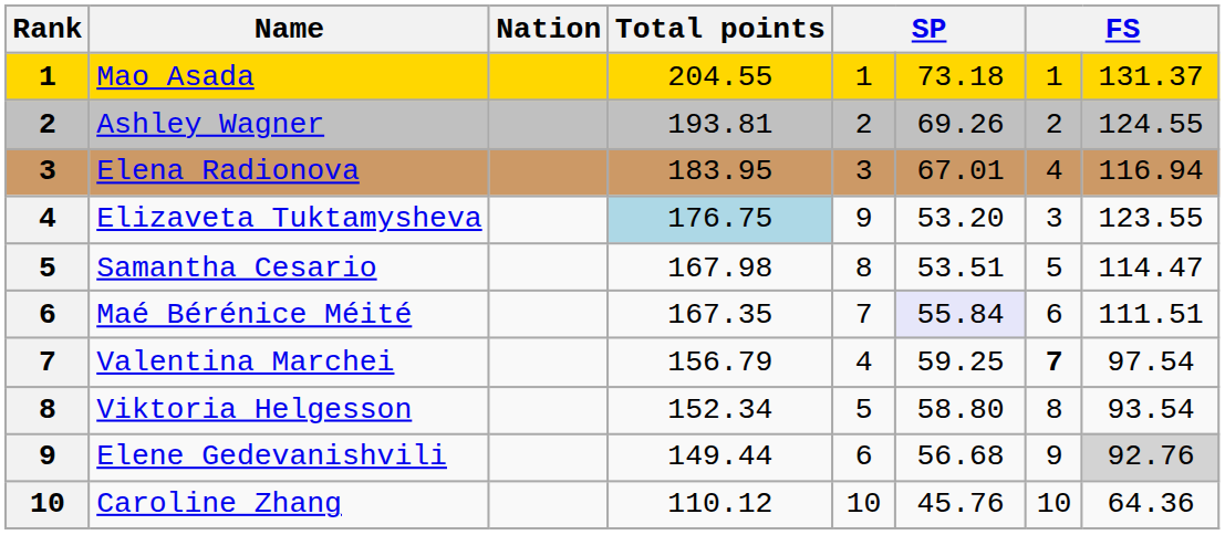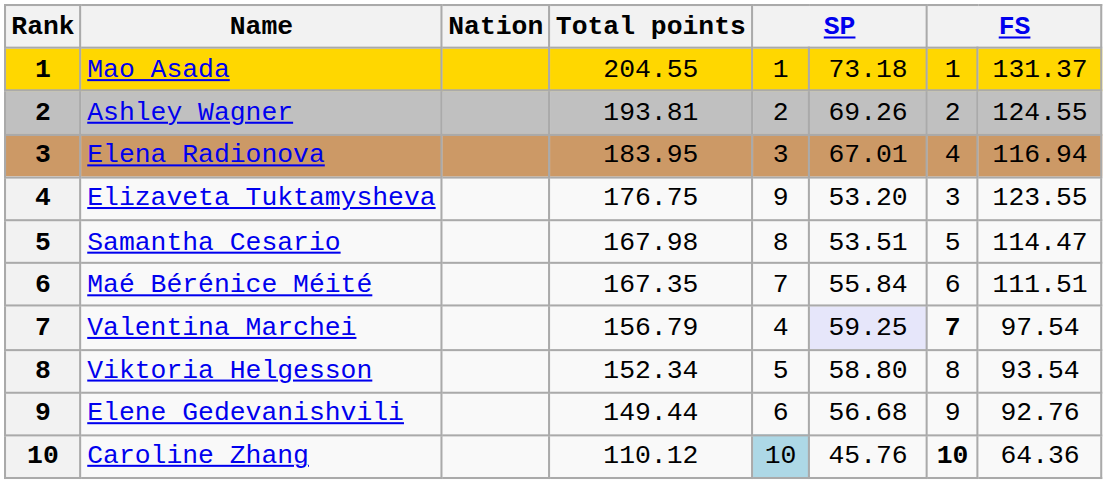 <table class="wikitable sortable">
 <tr>
 <th>Rank</th>
 <th>Name</th>
 <th>Nation</th>
 <th>Total points</th>
 <th colspan="2" style="width:80px;"><a href='#'>SP</a></th>
 <th colspan="2" style="width:80px;"><a href='#'>FS</a></th>
 </tr>
 <tr style="background:gold;">
 <td style="text-align:center;"><strong>1</strong></td>
 <td><a href='#'>Mao Asada</a></td>
 <td></td>
 <td style="text-align:center;">204.55</td>
 <td style="text-align:center;">1</td>
 <td style="text-align:center;">73.18</td>
 <td style="text-align:center;">1</td>
 <td style="text-align:center;">131.37</td>
 </tr>
 <tr style="background:silver;">
 <td style="text-align:center;"><strong>2</strong></td>
 <td><a href='#'>Ashley Wagner</a></td>
 <td></td>
 <td style="text-align:center;">193.81</td>
 <td style="text-align:center;">2</td>
 <td style="text-align:center;">69.26</td>
 <td style="text-align:center;">2</td>
 <td style="text-align:center;">124.55</td>
 </tr>
 <tr style="background:#c96;">
 <td style="text-align:center;"><strong>3</strong></td>
 <td><a href='#'>Elena Radionova</a></td>
 <td></td>
 <td style="text-align:center;">183.95</td>
 <td style="text-align:center;">3</td>
 <td style="text-align:center;">67.01</td>
 <td style="text-align:center;">4</td>
 <td style="text-align:center;">116.94</td>
 </tr>
 <tr>
 <th>4</th>
 <td><a href='#'>Elizaveta Tuktamysheva</a></td>
 <td></td>
-<td style="background: lightblue; text-align:center;">176.75</td>
+<td style="text-align:center;">176.75</td>
 <td style="text-align:center;">9</td>
 <td style="text-align:center;">53.20</td>
 <td style="text-align:center;">3</td>
 <td style="text-align:center;">123.55</td>
 </tr>
 <tr>
 <th>5</th>
 <td><a href='#'>Samantha Cesario</a></td>
 <td></td>
 <td style="text-align:center;">167.98</td>
 <td style="text-align:center;">8</td>
 <td style="text-align:center;">53.51</td>
 <td style="text-align:center;">5</td>
 <td style="text-align:center;">114.47</td>
 </tr>
 <tr>
 <th>6</th>
 <td><a href='#'>Maé Bérénice Méité</a></td>
 <td></td>
 <td style="text-align:center;">167.35</td>
 <td style="text-align:center;">7</td>
-<td style="background: lavender; text-align:center;">55.84</td>
+<td style="text-align:center;">55.84</td>
 <td style="text-align:center;">6</td>
 <td style="text-align:center;">111.51</td>
 </tr>
 <tr>
 <th>7</th>
 <td><a href='#'>Valentina Marchei</a></td>
 <td></td>
 <td style="text-align:center;">156.79</td>
 <td style="text-align:center;">4</td>
-<td style="text-align:center;">59.25</td>
+<td style="background: lavender; text-align:center;">59.25</td>
 <td style="text-align:center;"><strong>7</strong></td>
 <td style="text-align:center;">97.54</td>
 </tr>
 <tr>
 <th>8</th>
 <td><a href='#'>Viktoria Helgesson</a></td>
 <td></td>
 <td style="text-align:center;">152.34</td>
 <td style="text-align:center;">5</td>
 <td style="text-align:center;">58.80</td>
 <td style="text-align:center;">8</td>
 <td style="text-align:center;">93.54</td>
 </tr>
 <tr>
 <th>9</th>
 <td><a href='#'>Elene Gedevanishvili</a></td>
 <td></td>
 <td style="text-align:center;">149.44</td>
 <td style="text-align:center;">6</td>
 <td style="text-align:center;">56.68</td>
 <td style="text-align:center;">9</td>
-<td style="background: lightgrey; text-align:center;">92.76</td>
+<td style="text-align:center;">92.76</td>
 </tr>
 <tr>
 <th>10</th>
 <td><a href='#'>Caroline Zhang</a></td>
 <td></td>
 <td style="text-align:center;">110.12</td>
-<td style="text-align:center;">10</td>
+<td style="background: lightblue; text-align:center;">10</td>
 <td style="text-align:center;">45.76</td>
-<td style="text-align:center;">10</td>
+<td style="text-align:center;"><strong>10</strong></td>
 <td style="text-align:center;">64.36</td>
 </tr>
 </table>
